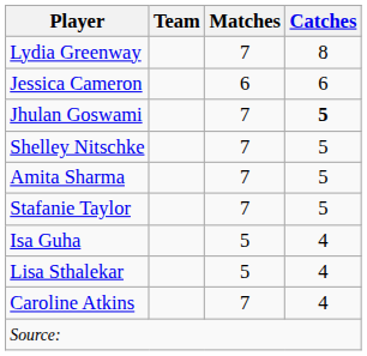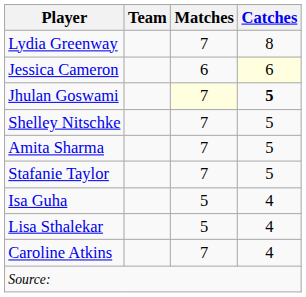 <table class="wikitable" style="text-align:center;">
 <tr>
 <th>Player</th>
 <th>Team</th>
 <th>Matches</th>
 <th><a href='#'>Catches</a></th>
 </tr>
 <tr>
 <td align="left"><a href='#'>Lydia Greenway</a></td>
 <td align="left"></td>
 <td>7</td>
 <td>8</td>
 </tr>
 <tr>
 <td align="left"><a href='#'>Jessica Cameron</a></td>
 <td align="left"></td>
 <td>6</td>
-<td>6</td>
+<td style="background: lightyellow;">6</td>
 </tr>
 <tr>
 <td align="left"><a href='#'>Jhulan Goswami</a></td>
 <td align="left"></td>
-<td>7</td>
+<td style="background: lightyellow;">7</td>
 <td><strong>5</strong></td>
 </tr>
 <tr>
 <td align="left"><a href='#'>Shelley Nitschke</a></td>
 <td align="left"></td>
 <td>7</td>
 <td>5</td>
 </tr>
 <tr>
 <td align="left"><a href='#'>Amita Sharma</a></td>
 <td align="left"></td>
 <td>7</td>
 <td>5</td>
 </tr>
 <tr>
 <td align="left"><a href='#'>Stafanie Taylor</a></td>
 <td align="left"></td>
 <td>7</td>
 <td>5</td>
 </tr>
 <tr>
 <td align="left"><a href='#'>Isa Guha</a></td>
 <td align="left"></td>
 <td>5</td>
 <td>4</td>
 </tr>
 <tr>
 <td align="left"><a href='#'>Lisa Sthalekar</a></td>
 <td align="left"></td>
 <td>5</td>
 <td>4</td>
 </tr>
 <tr>
 <td align="left"><a href='#'>Caroline Atkins</a></td>
 <td align="left"></td>
 <td>7</td>
 <td>4</td>
 </tr>
 <tr>
 <td colspan=13 align="left"><small><em>Source: </em></small></td>
 </tr>
 </table>
